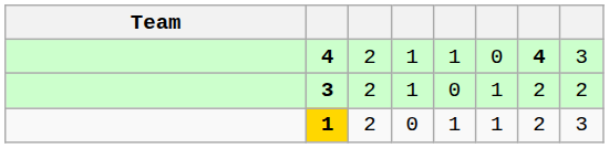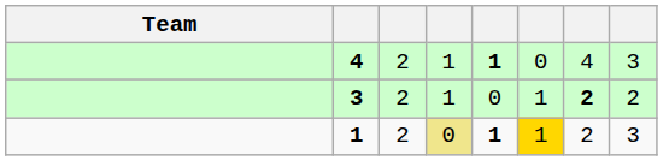 <table class="wikitable" style="text-align: center;">
 <tr>
 <th width=180>Team</th>
 <th width=20></th>
 <th width=20></th>
 <th width=20></th>
 <th width=20></th>
 <th width=20></th>
 <th width=20></th>
 <th width=20></th>
 </tr>
 <tr bgcolor=ccffcc>
 <td align=left></td>
 <td><strong>4</strong></td>
 <td>2</td>
 <td>1</td>
-<td>1</td>
+<td><strong>1</strong></td>
 <td>0</td>
-<td><strong>4</strong></td>
+<td>4</td>
 <td>3</td>
 </tr>
 <tr bgcolor=ccffcc>
 <td align=left></td>
 <td><strong>3</strong></td>
 <td>2</td>
 <td>1</td>
 <td>0</td>
 <td>1</td>
-<td>2</td>
+<td><strong>2</strong></td>
 <td>2</td>
 </tr>
 <tr>
 <td align=left></td>
-<td style="background: gold;"><strong>1</strong></td>
+<td><strong>1</strong></td>
 <td>2</td>
-<td>0</td>
-<td>1</td>
-<td>1</td>
+<td style="background: khaki;">0</td>
+<td><strong>1</strong></td>
+<td style="background: gold;">1</td>
 <td>2</td>
 <td>3</td>
 </tr>
 </table>
